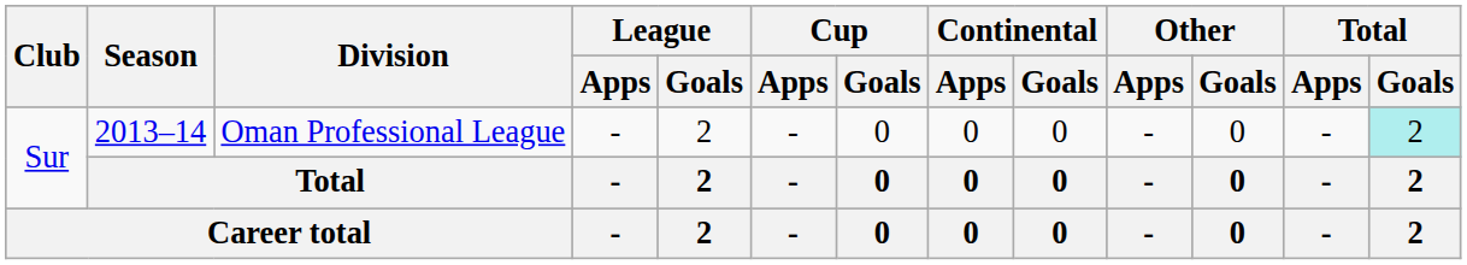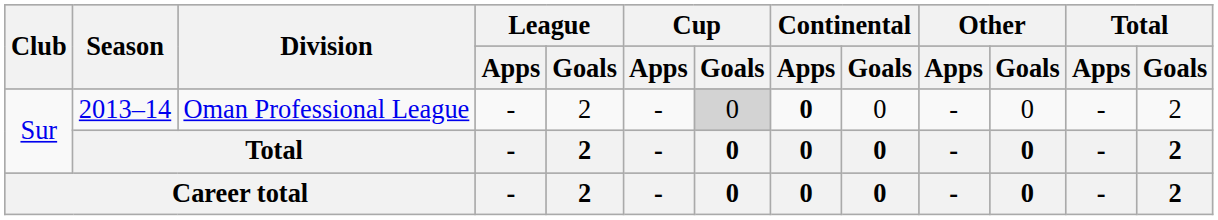 <table class="wikitable" style="text-align: center;">
 <tr>
 <th rowspan="2">Club</th>
 <th rowspan="2">Season</th>
 <th rowspan="2">Division</th>
 <th colspan="2">League</th>
 <th colspan="2">Cup</th>
 <th colspan="2">Continental</th>
 <th colspan="2">Other</th>
 <th colspan="2">Total</th>
 </tr>
 <tr>
 <th>Apps</th>
 <th>Goals</th>
 <th>Apps</th>
 <th>Goals</th>
 <th>Apps</th>
 <th>Goals</th>
 <th>Apps</th>
 <th>Goals</th>
 <th>Apps</th>
 <th>Goals</th>
 </tr>
 <tr>
 <td rowspan="2"><a href='#'>Sur</a></td>
 <td><a href='#'>2013–14</a></td>
 <td rowspan="1"><a href='#'>Oman Professional League</a></td>
 <td>-</td>
 <td>2</td>
 <td>-</td>
-<td>0</td>
-<td>0</td>
+<td style="background: lightgrey;">0</td>
+<td><strong>0</strong></td>
 <td>0</td>
 <td>-</td>
 <td>0</td>
 <td>-</td>
-<td style="background: paleturquoise;">2</td>
+<td>2</td>
 </tr>
 <tr>
 <th colspan="2">Total</th>
 <th>-</th>
 <th>2</th>
 <th>-</th>
 <th>0</th>
 <th>0</th>
 <th>0</th>
 <th>-</th>
 <th>0</th>
 <th>-</th>
 <th>2</th>
 </tr>
 <tr>
 <th colspan="3">Career total</th>
 <th>-</th>
 <th>2</th>
 <th>-</th>
 <th>0</th>
 <th>0</th>
 <th>0</th>
 <th>-</th>
 <th>0</th>
 <th>-</th>
 <th>2</th>
 </tr>
 </table>
